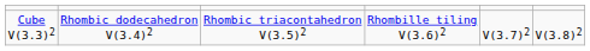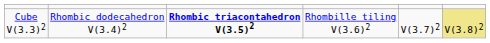 <table class="wikitable">
 <tr>
 <td></td>
 <td></td>
 <td></td>
 <td></td>
 <td></td>
 <td></td>
 </tr>
 <tr align=center valign=bottom>
 <td><a href='#'>Cube</a><br>V(3.3)<sup>2</sup><br></td>
 <td><a href='#'>Rhombic dodecahedron</a><br>V(3.4)<sup>2</sup><br></td>
-<td><a href='#'>Rhombic triacontahedron</a><br>V(3.5)<sup>2</sup><br></td>
+<td><strong><a href='#'>Rhombic triacontahedron</a><br>V(3.5)<sup>2</sup><br></strong></td>
 <td><a href='#'>Rhombille tiling</a><br>V(3.6)<sup>2</sup><br></td>
 <td>V(3.7)<sup>2</sup><br></td>
-<td>V(3.8)<sup>2</sup><br></td>
+<td style="background: khaki;">V(3.8)<sup>2</sup><br></td>
 </tr>
 </table>
